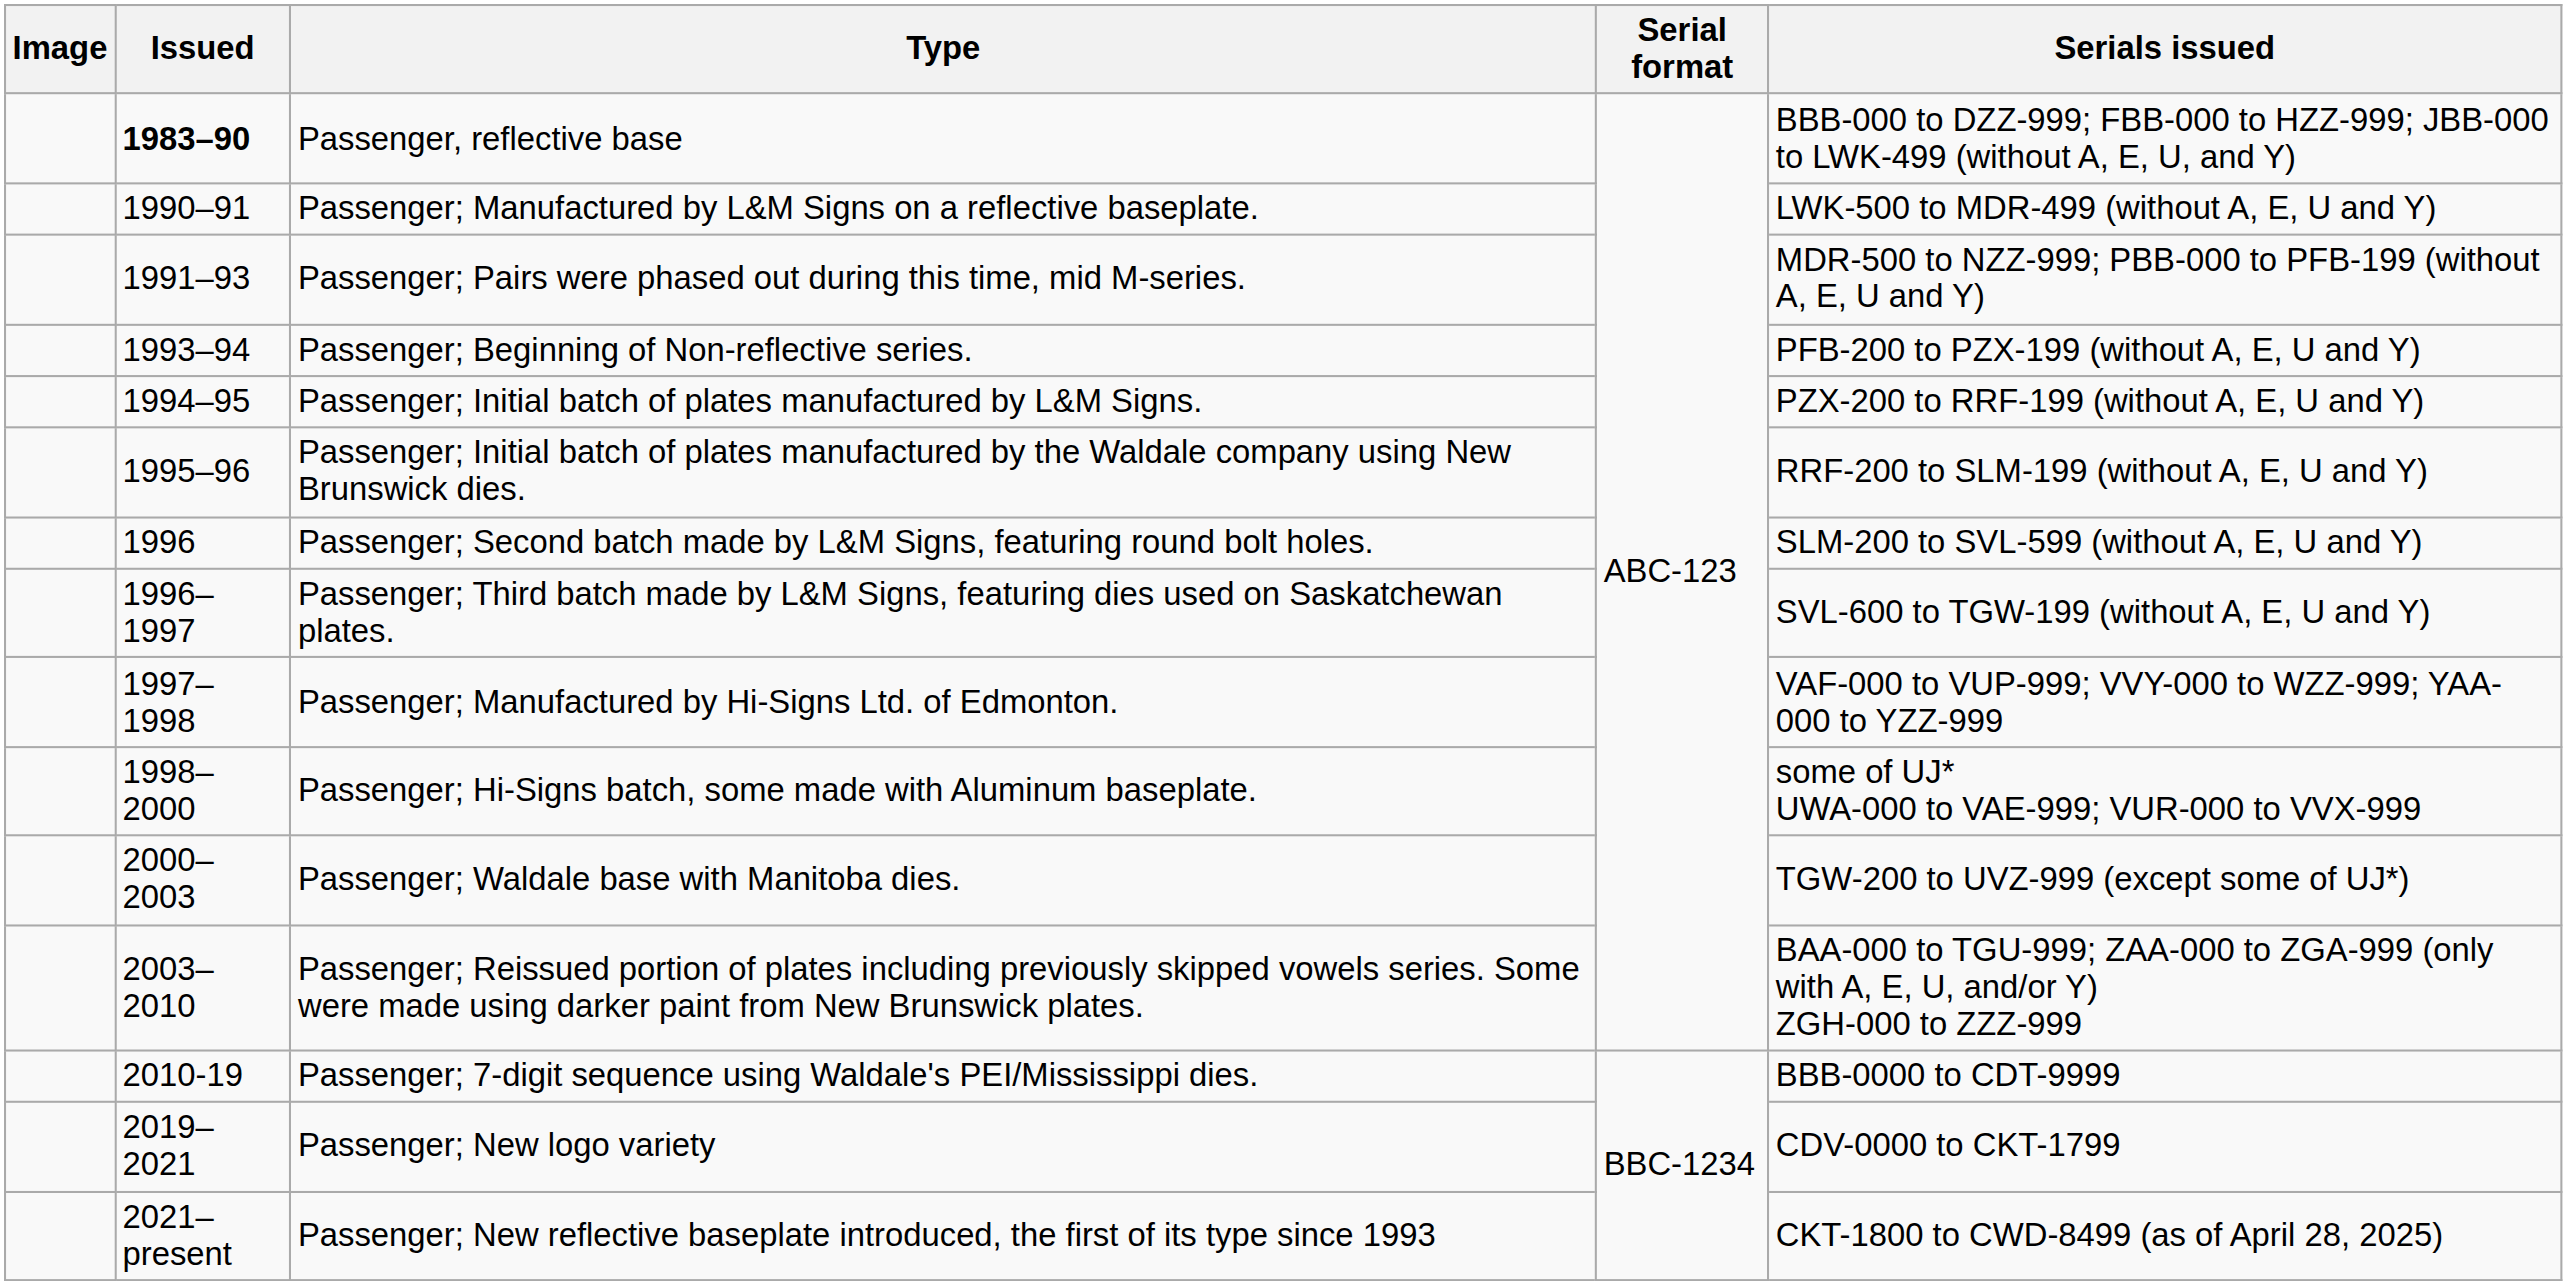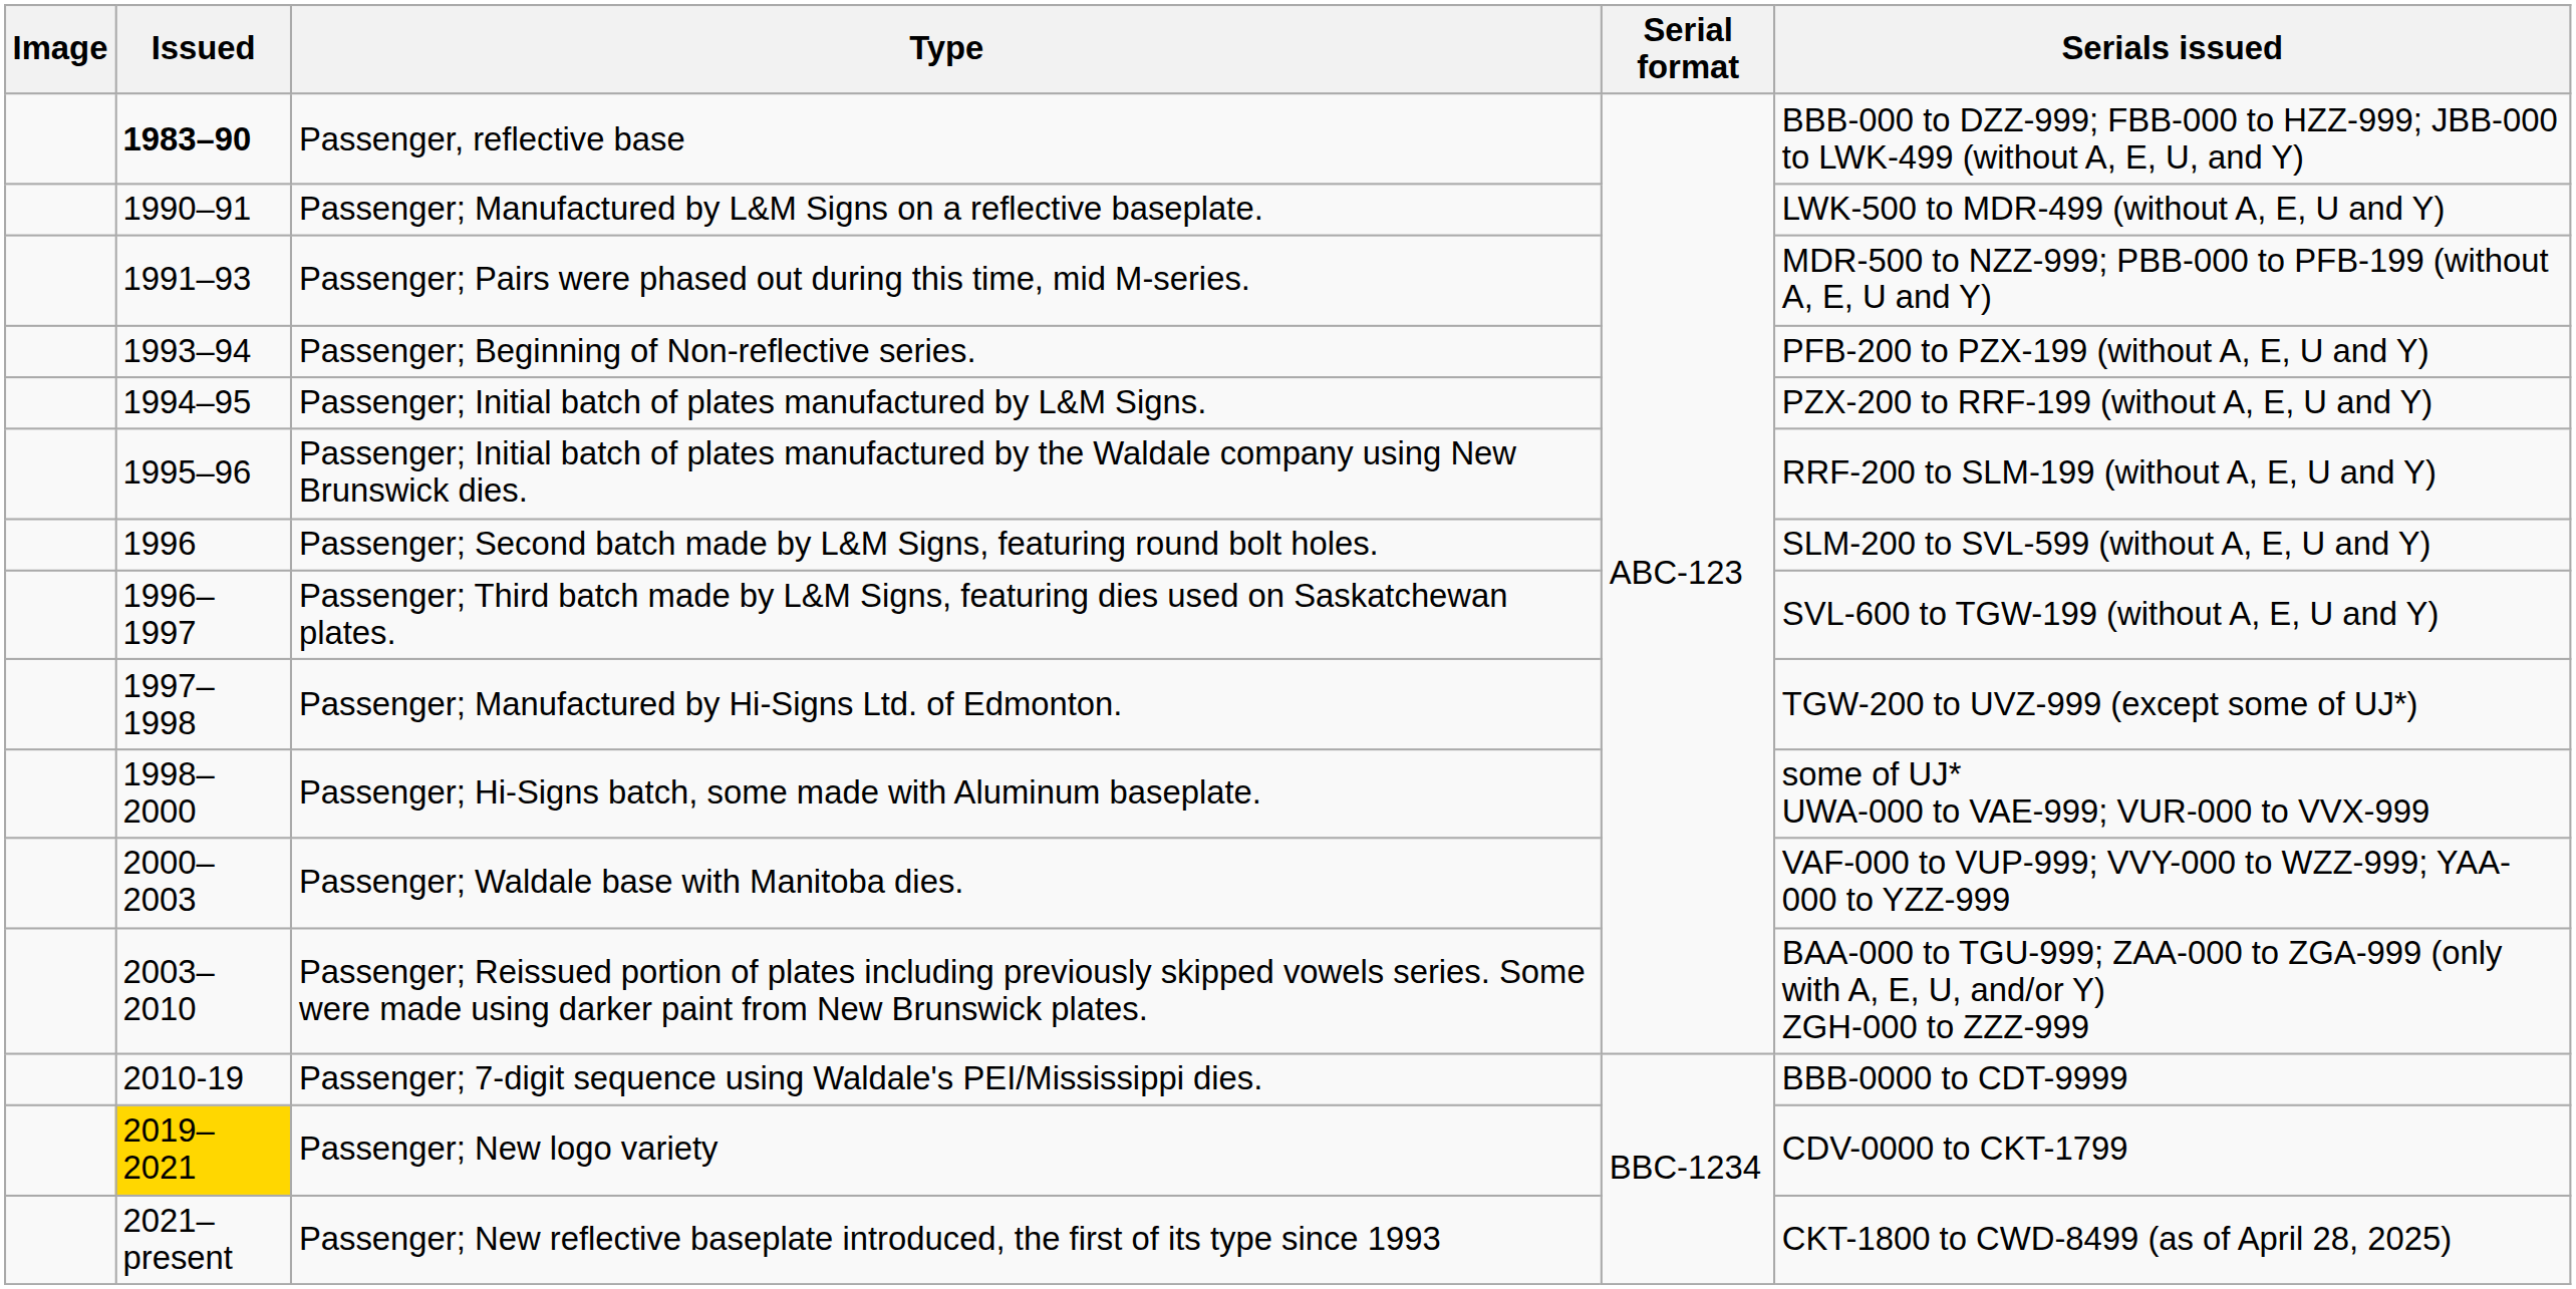 <table class="wikitable">
 <tr>
 <th>Image</th>
 <th>Issued</th>
 <th>Type</th>
 <th>Serial format</th>
 <th>Serials issued</th>
 </tr>
 <tr>
 <td></td>
 <td><strong>1983–90</strong></td>
 <td>Passenger, reflective base</td>
 <td rowspan="12">ABC-123</td>
 <td>BBB-000 to DZZ-999; FBB-000 to HZZ-999; JBB-000 to LWK-499 (without A, E, U, and Y)</td>
 </tr>
 <tr>
 <td></td>
 <td>1990–91</td>
 <td>Passenger; Manufactured by L&M Signs on a reflective baseplate.</td>
 <td>LWK-500 to MDR-499 (without A, E, U and Y)</td>
 </tr>
 <tr>
 <td></td>
 <td>1991–93</td>
 <td>Passenger; Pairs were phased out during this time, mid M-series.</td>
 <td>MDR-500 to NZZ-999; PBB-000 to PFB-199 (without A, E, U and Y)</td>
 </tr>
 <tr>
 <td></td>
 <td>1993–94</td>
 <td>Passenger; Beginning of Non-reflective series.</td>
 <td>PFB-200 to PZX-199 (without A, E, U and Y)</td>
 </tr>
 <tr>
 <td></td>
 <td>1994–95</td>
 <td>Passenger; Initial batch of plates manufactured by L&M Signs.</td>
 <td>PZX-200 to RRF-199 (without A, E, U and Y)</td>
 </tr>
 <tr>
 <td></td>
 <td>1995–96</td>
 <td>Passenger; Initial batch of plates manufactured by the Waldale company using New Brunswick dies.</td>
 <td>RRF-200 to SLM-199 (without A, E, U and Y)</td>
 </tr>
 <tr>
 <td></td>
 <td>1996</td>
 <td>Passenger; Second batch made by L&M Signs, featuring round bolt holes.</td>
 <td>SLM-200 to SVL-599 (without A, E, U and Y)</td>
 </tr>
 <tr>
 <td></td>
 <td>1996–1997</td>
 <td>Passenger; Third batch made by L&M Signs, featuring dies used on Saskatchewan plates.</td>
 <td>SVL-600 to TGW-199 (without A, E, U and Y)</td>
 </tr>
 <tr>
 <td></td>
 <td>1997–1998</td>
 <td>Passenger; Manufactured by Hi-Signs Ltd. of Edmonton.</td>
-<td>VAF-000 to VUP-999; VVY-000 to WZZ-999; YAA-000 to YZZ-999</td>
+<td>TGW-200 to UVZ-999 (except some of UJ*)</td>
 </tr>
 <tr>
 <td></td>
 <td>1998–2000</td>
 <td>Passenger; Hi-Signs batch, some made with Aluminum baseplate.</td>
 <td>some of UJ*<br>UWA-000 to VAE-999; VUR-000 to VVX-999</td>
 </tr>
 <tr>
 <td></td>
 <td>2000–2003</td>
 <td>Passenger; Waldale base with Manitoba dies.</td>
-<td>TGW-200 to UVZ-999 (except some of UJ*)</td>
+<td>VAF-000 to VUP-999; VVY-000 to WZZ-999; YAA-000 to YZZ-999</td>
 </tr>
 <tr>
 <td></td>
 <td>2003–2010</td>
 <td>Passenger; Reissued portion of plates including previously skipped vowels series. Some were made using darker paint from New Brunswick plates.</td>
 <td>BAA-000 to TGU-999; ZAA-000 to ZGA-999 (only with A, E, U, and/or Y)<br>ZGH-000 to ZZZ-999</td>
 </tr>
 <tr>
 <td></td>
 <td>2010-19<br></td>
 <td>Passenger; 7-digit sequence using Waldale's PEI/Mississippi dies.</td>
 <td rowspan="3">BBC-1234</td>
 <td>BBB-0000 to CDT-9999</td>
 </tr>
 <tr>
 <td></td>
-<td>2019–2021</td>
+<td style="background: gold;">2019–2021</td>
 <td>Passenger; New logo variety</td>
 <td>CDV-0000 to CKT-1799</td>
 </tr>
 <tr>
 <td></td>
 <td>2021–present</td>
 <td>Passenger; New reflective baseplate introduced, the first of its type since 1993</td>
 <td>CKT-1800 to CWD-8499 (as of April 28, 2025)</td>
 </tr>
 </table>
